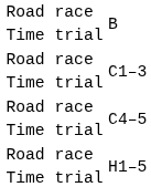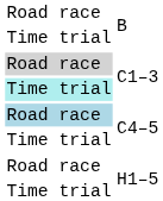 <table>
 <tr>
 <td>Road race</td>
 <td rowspan=2>B</td>
 <td></td>
 <td></td>
 <td></td>
 </tr>
 <tr>
 <td>Time trial</td>
 <td></td>
 <td></td>
 <td></td>
 </tr>
 <tr>
-<td>Road race</td>
+<td style="background: lightgrey;">Road race</td>
 <td rowspan=2>C1–3</td>
 <td></td>
 <td nowrap></td>
 <td></td>
 </tr>
 <tr>
-<td>Time trial</td>
+<td style="background: paleturquoise;">Time trial</td>
 <td></td>
 <td></td>
 <td></td>
 </tr>
 <tr>
-<td>Road race</td>
+<td style="background: lightblue;">Road race</td>
 <td rowspan=2>C4–5</td>
 <td></td>
 <td></td>
 <td></td>
 </tr>
 <tr>
 <td>Time trial</td>
 <td nowrap></td>
 <td></td>
 <td nowrap></td>
 </tr>
 <tr>
 <td>Road race</td>
 <td rowspan=2>H1–5</td>
 <td></td>
 <td></td>
 <td></td>
 </tr>
 <tr>
 <td>Time trial</td>
 <td></td>
 <td></td>
 <td></td>
 </tr>
 </table>
